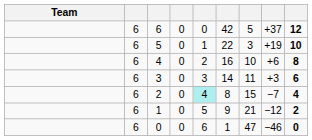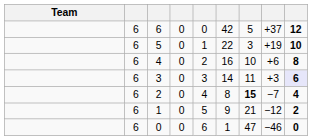 <table class="wikitable" style="text-align: center; font-size:90% ">
 <tr>
 <th width=160>Team</th>
 <th width=25></th>
 <th width=25></th>
 <th width=25></th>
 <th width=25></th>
 <th width=25></th>
 <th width=25></th>
 <th width=25></th>
 <th width=25></th>
 </tr>
 <tr>
 <td align=left></td>
 <td>6</td>
 <td>6</td>
 <td>0</td>
 <td>0</td>
 <td>42</td>
 <td>5</td>
 <td>+37</td>
 <td><strong>12</strong></td>
 </tr>
 <tr>
 <td align=left></td>
 <td>6</td>
 <td>5</td>
 <td>0</td>
 <td>1</td>
 <td>22</td>
 <td>3</td>
 <td>+19</td>
 <td><strong>10</strong></td>
 </tr>
 <tr>
 <td align=left></td>
 <td>6</td>
 <td>4</td>
 <td>0</td>
 <td>2</td>
 <td>16</td>
 <td>10</td>
 <td>+6</td>
 <td><strong>8</strong></td>
 </tr>
 <tr>
 <td align=left></td>
 <td>6</td>
 <td>3</td>
 <td>0</td>
 <td>3</td>
 <td>14</td>
 <td>11</td>
 <td>+3</td>
-<td><strong>6</strong></td>
+<td style="background: lavender;"><strong>6</strong></td>
 </tr>
 <tr>
 <td align=left></td>
 <td>6</td>
 <td>2</td>
 <td>0</td>
-<td style="background: paleturquoise;">4</td>
+<td>4</td>
 <td>8</td>
-<td>15</td>
+<td><strong>15</strong></td>
 <td>−7</td>
 <td><strong>4</strong></td>
 </tr>
 <tr>
 <td align=left></td>
 <td>6</td>
 <td>1</td>
 <td>0</td>
 <td>5</td>
 <td>9</td>
 <td>21</td>
 <td>−12</td>
 <td><strong>2</strong></td>
 </tr>
 <tr>
 <td align=left></td>
 <td>6</td>
 <td>0</td>
 <td>0</td>
 <td>6</td>
 <td>1</td>
 <td>47</td>
 <td>−46</td>
 <td><strong>0</strong></td>
 </tr>
 </table>
